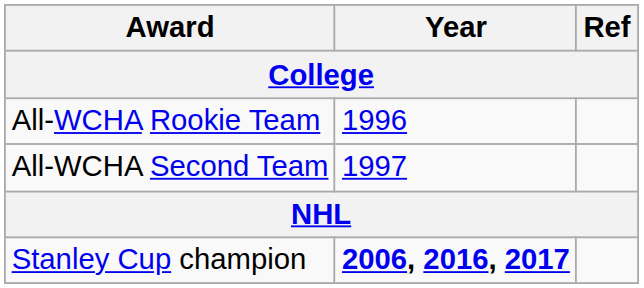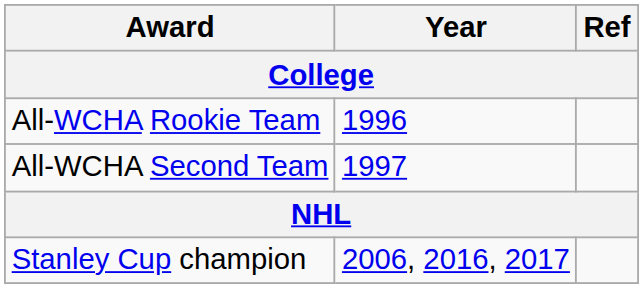 <table class="wikitable">
 <tr>
 <th>Award</th>
 <th>Year</th>
 <th>Ref</th>
 </tr>
 <tr>
 <th colspan="3"><a href='#'>College</a></th>
 </tr>
 <tr>
 <td>All-<a href='#'>WCHA</a> <a href='#'>Rookie Team</a></td>
 <td><a href='#'>1996</a></td>
 <td></td>
 </tr>
 <tr>
 <td>All-WCHA <a href='#'>Second Team</a></td>
 <td><a href='#'>1997</a></td>
 <td></td>
 </tr>
 <tr>
 <th colspan="3"><a href='#'>NHL</a></th>
 </tr>
 <tr>
 <td><a href='#'>Stanley Cup</a> champion</td>
-<td><strong><a href='#'>2006</a>, <a href='#'>2016</a>, <a href='#'>2017</a></strong></td>
+<td><a href='#'>2006</a>, <a href='#'>2016</a>, <a href='#'>2017</a></td>
 <td></td>
 </tr>
 </table>
